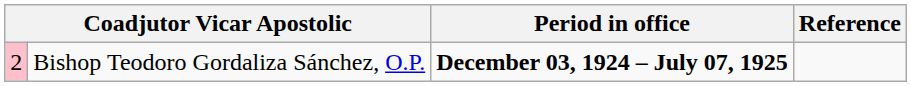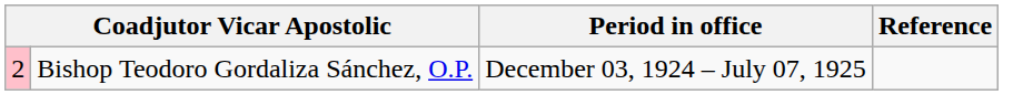 <table class="wikitable">
 <tr>
 <th colspan="2">Coadjutor Vicar Apostolic</th>
 <th>Period in office</th>
 <th>Reference</th>
 </tr>
 <tr>
 <td style="background: pink;">2</td>
 <td>Bishop Teodoro Gordaliza Sánchez, <a href='#'>O.P.</a></td>
-<td><strong>December 03, 1924 – July 07, 1925</strong></td>
+<td>December 03, 1924 – July 07, 1925</td>
 <td></td>
 </tr>
 </table>
